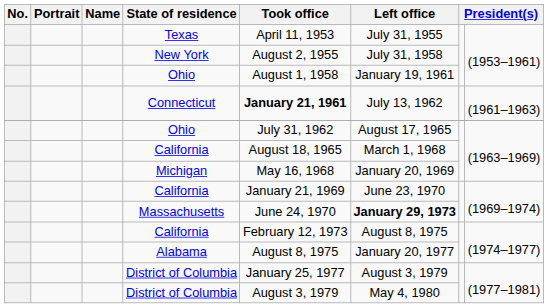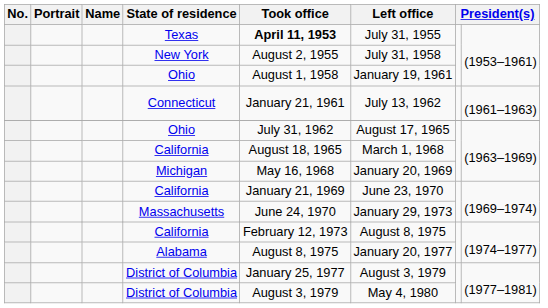 <table class="wikitable sortable" style="text-align:center">
 <tr>
 <th>No.</th>
 <th class=unsortable>Portrait</th>
 <th>Name</th>
 <th>State of residence</th>
 <th>Took office</th>
 <th>Left office</th>
 <th colspan=2><a href='#'>President(s)</a></th>
 </tr>
 <tr>
 <th style="background: "></th>
 <td></td>
 <td></td>
 <td><a href='#'>Texas</a></td>
-<td>April 11, 1953</td>
+<td><strong>April 11, 1953</strong></td>
 <td>July 31, 1955</td>
 <td rowspan=3 style="background: "></td>
 <td rowspan=3><br>(1953–1961)</td>
 </tr>
 <tr>
 <th style="background: "></th>
 <td></td>
 <td></td>
 <td><a href='#'>New York</a></td>
 <td>August 2, 1955</td>
 <td>July 31, 1958</td>
 </tr>
 <tr>
 <th style="background: "></th>
 <td></td>
 <td></td>
 <td><a href='#'>Ohio</a></td>
 <td>August 1, 1958</td>
 <td>January 19, 1961</td>
 </tr>
 <tr>
 <th style="background: "></th>
 <td></td>
 <td></td>
 <td><a href='#'>Connecticut</a></td>
-<td><strong>January 21, 1961</strong></td>
+<td>January 21, 1961</td>
 <td>July 13, 1962</td>
 <td rowspan=2 style="background: "></td>
 <td rowspan=2><br>(1961–1963)</td>
 </tr>
 <tr>
 </tr>
 <tr>
 <th rowspan=2 style="background: "></th>
 <td rowspan=2></td>
 <td rowspan=2></td>
 <td rowspan=2><a href='#'>Ohio</a></td>
 <td rowspan=2>July 31, 1962</td>
 <td rowspan=2>August 17, 1965</td>
 </tr>
 <tr>
 <td rowspan=3 style="background: "></td>
 <td rowspan=3><br>(1963–1969)</td>
 </tr>
 <tr>
 <th style="background: "></th>
 <td></td>
 <td></td>
 <td><a href='#'>California</a></td>
 <td>August 18, 1965</td>
 <td>March 1, 1968</td>
 </tr>
 <tr>
 <th style="background: "></th>
 <td></td>
 <td></td>
 <td><a href='#'>Michigan</a></td>
 <td>May 16, 1968</td>
 <td>January 20, 1969</td>
 </tr>
 <tr>
 <th style="background: "></th>
 <td></td>
 <td></td>
 <td><a href='#'>California</a></td>
 <td>January 21, 1969</td>
 <td>June 23, 1970</td>
 <td rowspan=3 style="background: "></td>
 <td rowspan=3><br>(1969–1974)</td>
 </tr>
 <tr>
 <th style="background: "></th>
 <td></td>
 <td></td>
 <td><a href='#'>Massachusetts</a></td>
 <td>June 24, 1970</td>
-<td><strong>January 29, 1973</strong></td>
+<td>January 29, 1973</td>
 </tr>
 <tr>
 <th rowspan=2 style="background: "></th>
 <td rowspan=2></td>
 <td rowspan=2></td>
 <td rowspan=2><a href='#'>California</a></td>
 <td rowspan=2>February 12, 1973</td>
 <td rowspan=2>August 8, 1975</td>
 </tr>
 <tr>
 <td rowspan=2 style="background: "></td>
 <td rowspan=2><br>(1974–1977)</td>
 </tr>
 <tr>
 <th style="background: "></th>
 <td></td>
 <td></td>
 <td><a href='#'>Alabama</a></td>
 <td>August 8, 1975</td>
 <td>January 20, 1977</td>
 </tr>
 <tr>
 <th style="background: "></th>
 <td></td>
 <td></td>
 <td><a href='#'>District of Columbia</a></td>
 <td>January 25, 1977</td>
 <td>August 3, 1979</td>
 <td rowspan=2 style="background: "></td>
 <td rowspan=2><br>(1977–1981)</td>
 </tr>
 <tr>
 <th style="background: "></th>
 <td></td>
 <td></td>
 <td><a href='#'>District of Columbia</a></td>
 <td>August 3, 1979</td>
 <td>May 4, 1980</td>
 </tr>
 </table>
